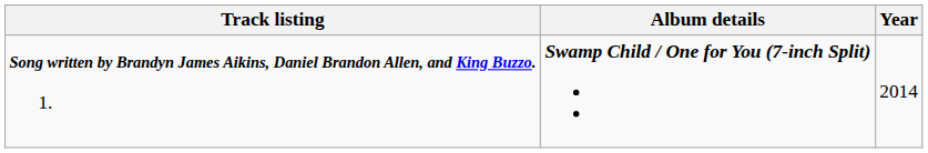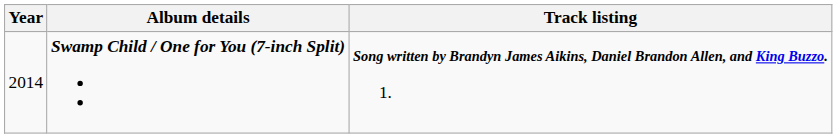 <table class="wikitable mw-collapsible mw-collapsed">
 <tr>
+<th>Year</th>
+<th>Album details</th>
 <th>Track listing</th>
-<th>Album details</th>
-<th>Year</th>
 </tr>
 <tr>
+<td>2014</td>
+<td><strong><em>Swamp Child / One for You (7-inch Split)</em></strong><br><ul><li></li><li></li></ul></td>
 <td><strong><em><small>Song written by Brandyn James Aikins, Daniel Brandon Allen, and <a href='#'>King Buzzo</a>.</small></em></strong><br><ol><li></li></ol></td>
-<td><strong><em>Swamp Child / One for You (7-inch Split)</em></strong><br><ul><li></li><li></li></ul></td>
-<td>2014</td>
 </tr>
 </table>
